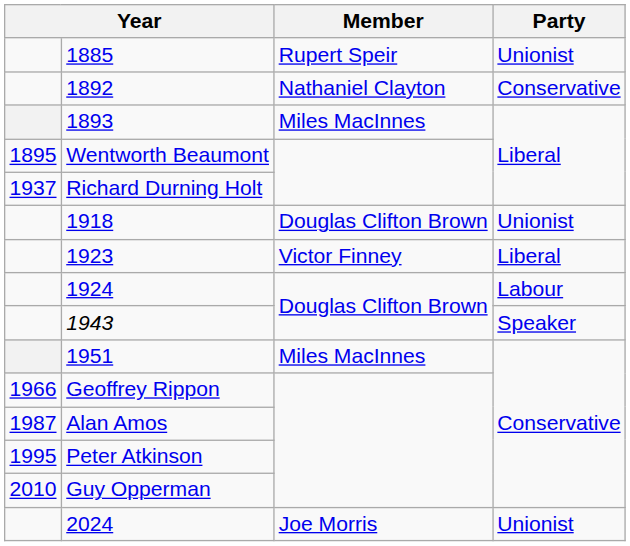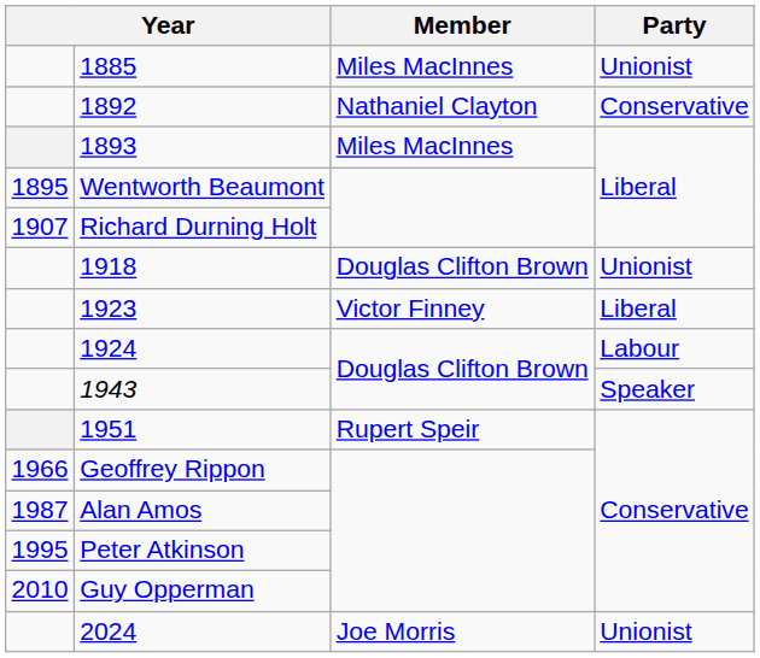 <table class="wikitable">
 <tr>
 <th colspan="2">Year</th>
 <th>Member</th>
 <th>Party</th>
 </tr>
 <tr>
 <td style="color:inherit;background-color: "></td>
 <td><a href='#'>1885</a></td>
-<td><a href='#'>Rupert Speir</a></td>
+<td><a href='#'>Miles MacInnes</a></td>
 <td><a href='#'>Unionist</a></td>
 </tr>
 <tr>
 <td style="color:inherit;background-color: "></td>
 <td><a href='#'>1892</a></td>
 <td><a href='#'>Nathaniel Clayton</a></td>
 <td><a href='#'>Conservative</a></td>
 </tr>
 <tr>
 <th style="color:inherit;background-color: "></th>
 <td><a href='#'>1893</a></td>
 <td><a href='#'>Miles MacInnes</a></td>
 <td rowspan="3"><a href='#'>Liberal</a></td>
 </tr>
 <tr>
 <td><a href='#'>1895</a></td>
 <td><a href='#'>Wentworth Beaumont</a></td>
 </tr>
 <tr>
-<td><a href='#'>1937</a></td>
+<td><a href='#'>1907</a></td>
 <td><a href='#'>Richard Durning Holt</a></td>
 </tr>
 <tr>
 <td style="color:inherit;background-color: "></td>
 <td><a href='#'>1918</a></td>
 <td><a href='#'>Douglas Clifton Brown</a></td>
 <td><a href='#'>Unionist</a></td>
 </tr>
 <tr>
 <td style="color:inherit;background-color: "></td>
 <td><a href='#'>1923</a></td>
 <td><a href='#'>Victor Finney</a></td>
 <td><a href='#'>Liberal</a></td>
 </tr>
 <tr>
 <td style="color:inherit;background-color: "></td>
 <td><a href='#'>1924</a></td>
 <td rowspan="2"><a href='#'>Douglas Clifton Brown</a></td>
 <td><a href='#'>Labour</a></td>
 </tr>
 <tr>
 <td style="color:inherit;background-color: "></td>
 <td><em>1943</em></td>
 <td><a href='#'>Speaker</a></td>
 </tr>
 <tr>
 <th style="color:inherit;background-color: "></th>
 <td><a href='#'>1951</a></td>
-<td><a href='#'>Miles MacInnes</a></td>
+<td><a href='#'>Rupert Speir</a></td>
 <td rowspan="5"><a href='#'>Conservative</a></td>
 </tr>
 <tr>
 <td><a href='#'>1966</a></td>
 <td><a href='#'>Geoffrey Rippon</a></td>
 </tr>
 <tr>
 <td><a href='#'>1987</a></td>
 <td><a href='#'>Alan Amos</a></td>
 </tr>
 <tr>
 <td><a href='#'>1995</a></td>
 <td><a href='#'>Peter Atkinson</a></td>
 </tr>
 <tr>
 <td><a href='#'>2010</a></td>
 <td><a href='#'>Guy Opperman</a></td>
 </tr>
 <tr>
 <td style="color:inherit;background-color: "></td>
 <td><a href='#'>2024</a></td>
 <td><a href='#'>Joe Morris</a></td>
 <td><a href='#'>Unionist</a></td>
 </tr>
 </table>
